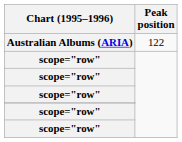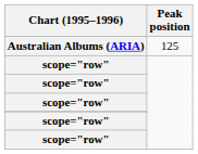 <table class="wikitable sortable plainrowheaders" style="text-align:center;">
 <tr>
 <th scope="col">Chart (1995–1996)</th>
 <th scope="col">Peak<br>position</th>
 </tr>
 <tr>
 <th scope="row">Australian Albums (<a href='#'>ARIA</a>)</th>
-<td align="center">122</td>
+<td align="center">125</td>
 </tr>
 <tr>
 <th>scope="row" </th>
 </tr>
 <tr>
 <th>scope="row" </th>
 </tr>
 <tr>
 <th>scope="row" </th>
 </tr>
 <tr>
 </tr>
 <tr>
 <th>scope="row" </th>
 </tr>
 <tr>
 <th>scope="row" </th>
 </tr>
 </table>
